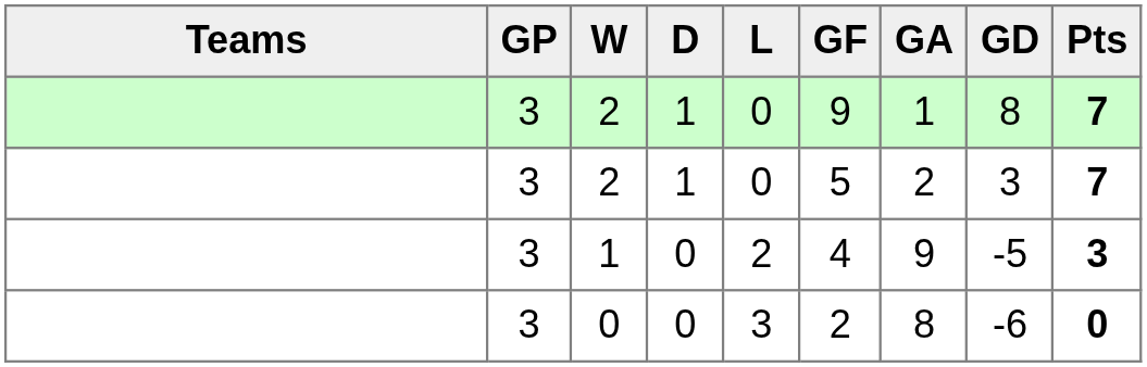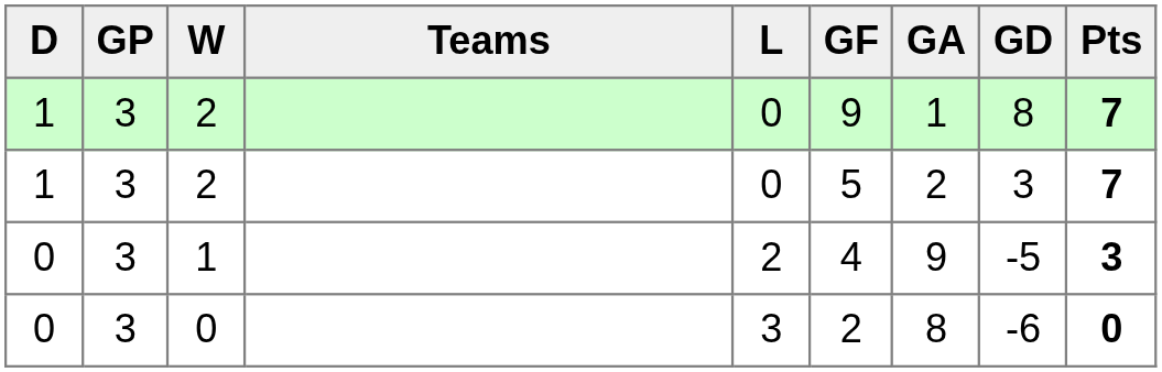 <table style=border-collapse:collapse border=1 cellspacing=0 cellpadding=5>
 <tr align=center bgcolor=#efefef>
-<th width=185>Teams</th>
+<th width=20>D</th>
 <th width=20>GP</th>
 <th width=20>W</th>
-<th width=20>D</th>
+<th width=185>Teams</th>
 <th width=20>L</th>
 <th width=20>GF</th>
 <th width=20>GA</th>
 <th width=20>GD</th>
 <th width=20>Pts<br></th>
 </tr>
 <tr align=center style="background:#ccffcc;">
-<td style="text-align:left;"></td>
+<td>1</td>
 <td>3</td>
 <td>2</td>
-<td>1</td>
+<td style="text-align:left;"></td>
 <td>0</td>
 <td>9</td>
 <td>1</td>
 <td>8</td>
 <td><strong>7</strong></td>
 </tr>
 <tr align=center>
-<td style="text-align:left;"></td>
+<td>1</td>
 <td>3</td>
 <td>2</td>
-<td>1</td>
+<td style="text-align:left;"></td>
 <td>0</td>
 <td>5</td>
 <td>2</td>
 <td>3</td>
 <td><strong>7</strong></td>
 </tr>
 <tr align=center>
-<td style="text-align:left;"></td>
+<td>0</td>
 <td>3</td>
 <td>1</td>
-<td>0</td>
+<td style="text-align:left;"></td>
 <td>2</td>
 <td>4</td>
 <td>9</td>
 <td>-5</td>
 <td><strong>3</strong></td>
 </tr>
 <tr align=center>
-<td style="text-align:left;"></td>
+<td>0</td>
 <td>3</td>
 <td>0</td>
-<td>0</td>
+<td style="text-align:left;"></td>
 <td>3</td>
 <td>2</td>
 <td>8</td>
 <td>-6</td>
 <td><strong>0</strong></td>
 </tr>
 </table>
